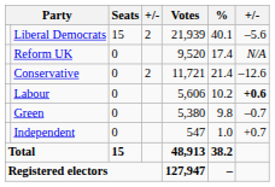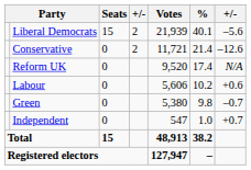 <table class="wikitable sortable">
 <tr>
 <th colspan="2">Party</th>
 <th>Seats</th>
 <th>+/-</th>
 <th>Votes</th>
 <th>%</th>
 <th>+/-</th>
 </tr>
 <tr>
 <td style="background-color: "></td>
 <td><a href='#'>Liberal Democrats</a></td>
 <td>15</td>
 <td> 2</td>
 <td style="text-align:right;">21,939</td>
 <td style="text-align:right;">40.1</td>
 <td style="text-align:right;">–5.6</td>
 </tr>
 <tr>
 <td style="background-color: "></td>
+<td><a href='#'>Conservative</a></td>
+<td>0</td>
+<td> 2</td>
+<td style="text-align:right;">11,721</td>
+<td style="text-align:right;">21.4</td>
+<td style="text-align:right;">–12.6</td>
+</tr>
+<tr>
+<td style="background-color: "></td>
 <td><a href='#'>Reform UK</a></td>
 <td>0</td>
 <td></td>
 <td style="text-align:right;">9,520</td>
 <td style="text-align:right;">17.4</td>
 <td style="text-align:right;"><em>N/A</em></td>
 </tr>
 <tr>
 <td style="background-color: "></td>
-<td><a href='#'>Conservative</a></td>
-<td>0</td>
-<td> 2</td>
-<td style="text-align:right;">11,721</td>
-<td style="text-align:right;">21.4</td>
-<td style="text-align:right;">–12.6</td>
-</tr>
-<tr>
-<td style="background-color: "></td>
 <td><a href='#'>Labour</a></td>
 <td>0</td>
 <td></td>
 <td style="text-align:right;">5,606</td>
 <td style="text-align:right;">10.2</td>
-<td style="text-align:right;"><strong>+0.6</strong></td>
+<td style="text-align:right;">+0.6</td>
 </tr>
 <tr>
 <td style="background-color: "></td>
 <td><a href='#'>Green</a></td>
 <td>0</td>
 <td></td>
 <td style="text-align:right;">5,380</td>
 <td style="text-align:right;">9.8</td>
 <td style="text-align:right;">–0.7</td>
 </tr>
 <tr>
 <td style="background-color: "></td>
 <td><a href='#'>Independent</a></td>
 <td>0</td>
 <td></td>
 <td style="text-align:right;">547</td>
 <td style="text-align:right;">1.0</td>
 <td style="text-align:right;">+0.7</td>
 </tr>
 <tr>
 <td colspan="2"><strong>Total</strong></td>
 <td><strong>15</strong></td>
 <td></td>
 <td style="text-align:right;"><strong>48,913</strong></td>
 <td style="text-align:right;"><strong>38.2</strong></td>
 <td style="text-align:right;"></td>
 </tr>
 <tr>
 <td colspan="4"><strong>Registered electors</strong></td>
 <td style="text-align:right;"><strong>127,947</strong></td>
 <td style="text-align:right;"><strong>–</strong></td>
 <td style="text-align:right;"></td>
 </tr>
 </table>
